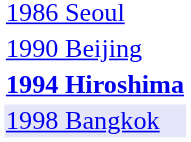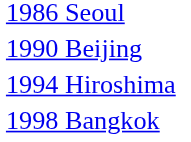 <table>
 <tr>
 <td><a href='#'>1986 Seoul</a></td>
 <td></td>
 <td></td>
 <td></td>
 </tr>
 <tr>
 <td><a href='#'>1990 Beijing</a></td>
 <td></td>
 <td></td>
 <td></td>
 </tr>
 <tr>
-<td><strong><a href='#'>1994 Hiroshima</a></strong></td>
+<td><a href='#'>1994 Hiroshima</a></td>
 <td></td>
 <td></td>
 <td></td>
 </tr>
 <tr>
-<td style="background: lavender;"><a href='#'>1998 Bangkok</a></td>
+<td><a href='#'>1998 Bangkok</a></td>
 <td></td>
 <td></td>
 <td></td>
 </tr>
 </table>
